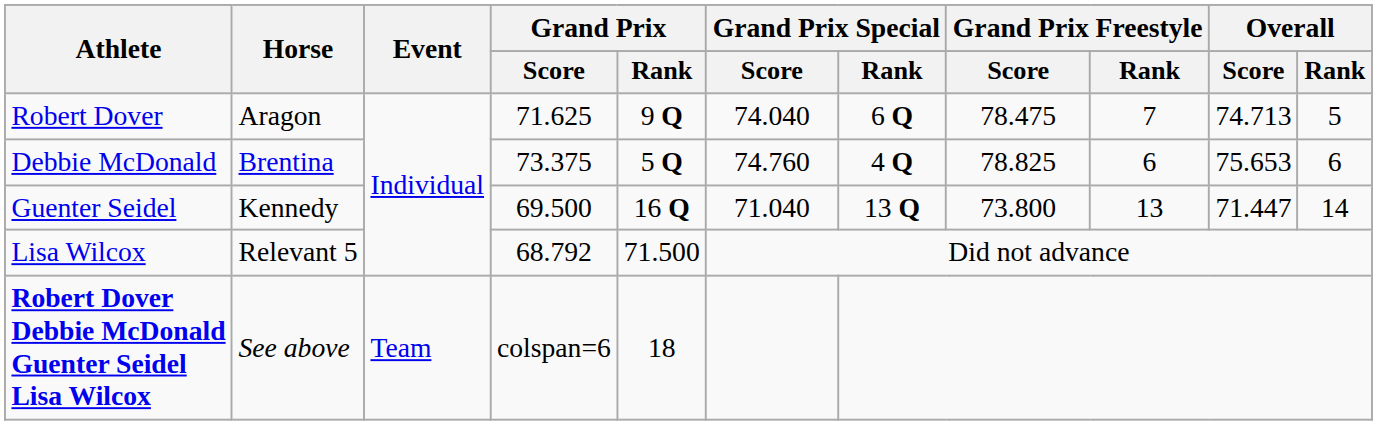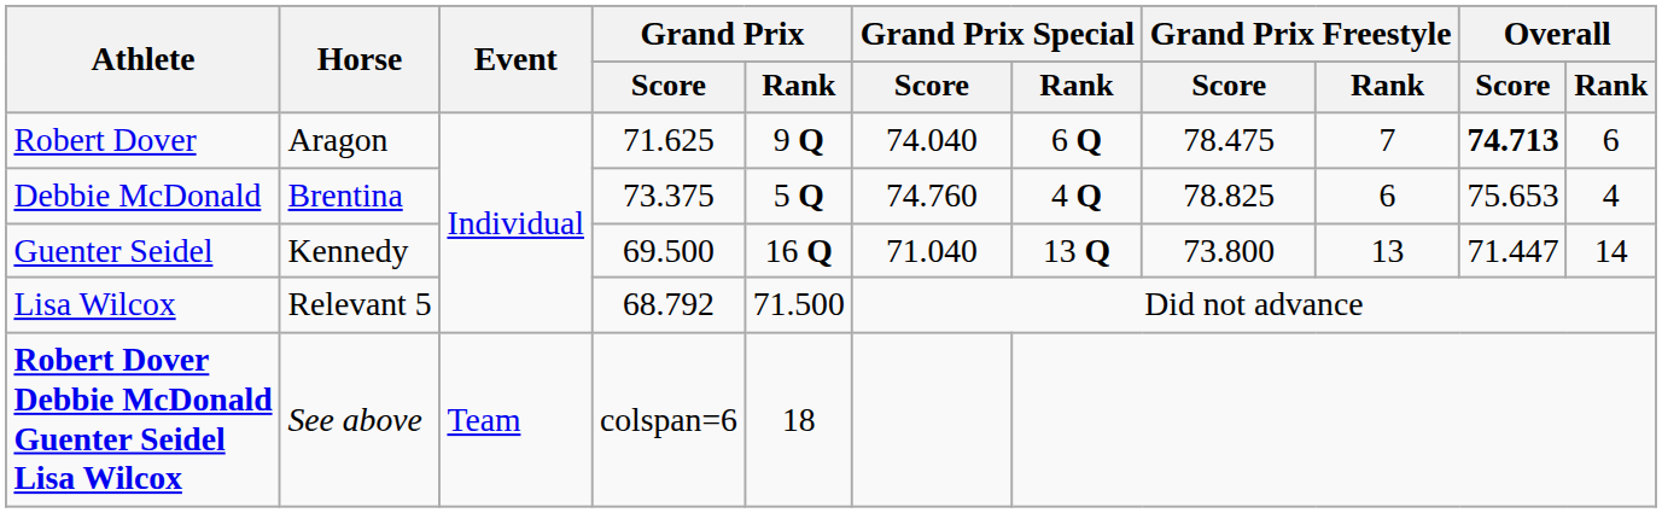 <table class=wikitable style=font-size:90%;text-align:center>
 <tr>
 <th rowspan=2>Athlete</th>
 <th rowspan=2>Horse</th>
 <th rowspan=2>Event</th>
 <th colspan=2>Grand Prix</th>
 <th colspan=2>Grand Prix Special</th>
 <th colspan=2>Grand Prix Freestyle</th>
 <th colspan=2>Overall</th>
 </tr>
 <tr style=font-size:95%>
 <th>Score</th>
 <th>Rank</th>
 <th>Score</th>
 <th>Rank</th>
 <th>Score</th>
 <th>Rank</th>
 <th>Score</th>
 <th>Rank</th>
 </tr>
 <tr>
 <td align=left><a href='#'>Robert Dover</a></td>
 <td align=left>Aragon</td>
 <td align=left rowspan=4><a href='#'>Individual</a></td>
 <td>71.625</td>
 <td>9 <strong>Q</strong></td>
 <td>74.040</td>
 <td>6 <strong>Q</strong></td>
 <td>78.475</td>
 <td>7</td>
-<td>74.713</td>
-<td>5</td>
+<td><strong>74.713</strong></td>
+<td>6</td>
 </tr>
 <tr>
 <td align=left><a href='#'>Debbie McDonald</a></td>
 <td align=left><a href='#'>Brentina</a></td>
 <td>73.375</td>
 <td>5 <strong>Q</strong></td>
 <td>74.760</td>
 <td>4 <strong>Q</strong></td>
 <td>78.825</td>
 <td>6</td>
 <td>75.653</td>
-<td>6</td>
+<td>4</td>
 </tr>
 <tr>
 <td align=left><a href='#'>Guenter Seidel</a></td>
 <td align=left>Kennedy</td>
 <td>69.500</td>
 <td>16 <strong>Q</strong></td>
 <td>71.040</td>
 <td>13 <strong>Q</strong></td>
 <td>73.800</td>
 <td>13</td>
 <td>71.447</td>
 <td>14</td>
 </tr>
 <tr>
 <td align=left><a href='#'>Lisa Wilcox</a></td>
 <td align=left>Relevant 5</td>
 <td>68.792</td>
 <td>71.500</td>
 <td colspan=6>Did not advance</td>
 </tr>
 <tr>
 <td align=left><strong><a href='#'>Robert Dover</a><br><a href='#'>Debbie McDonald</a><br><a href='#'>Guenter Seidel</a><br><a href='#'>Lisa Wilcox</a></strong></td>
 <td align=left><em>See above</em></td>
 <td align=left><a href='#'>Team</a></td>
 <td>colspan=6 </td>
 <td>18</td>
 <td></td>
 </tr>
 </table>
